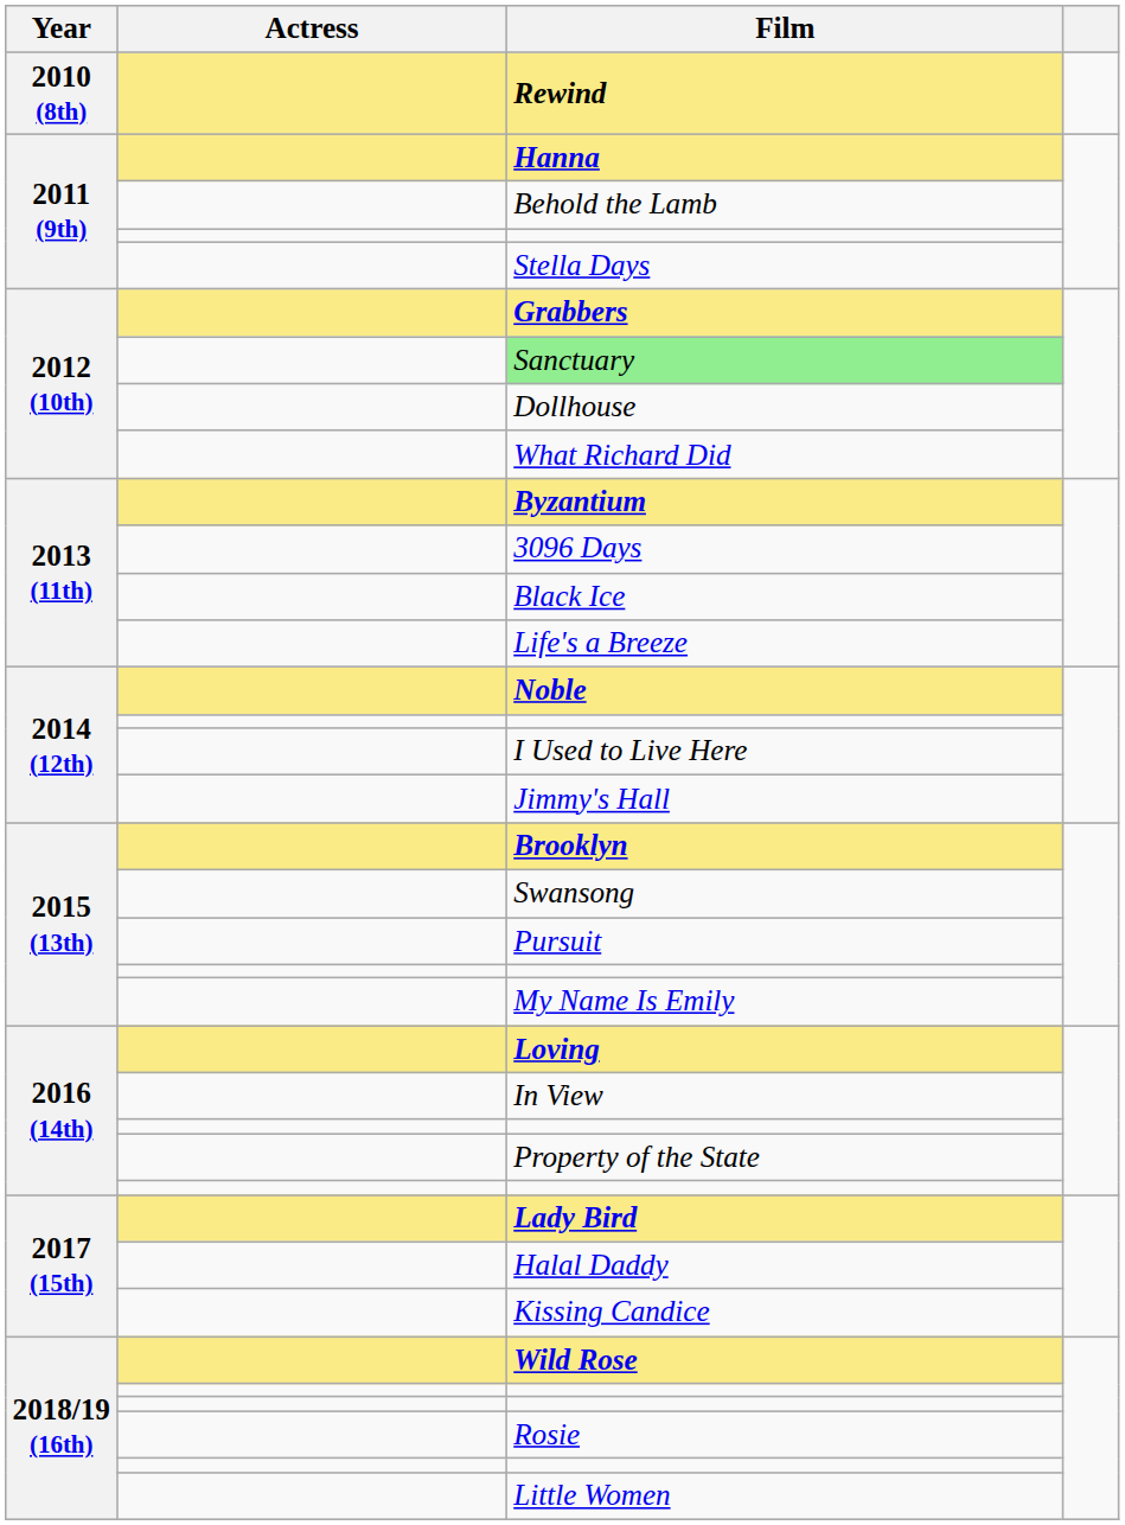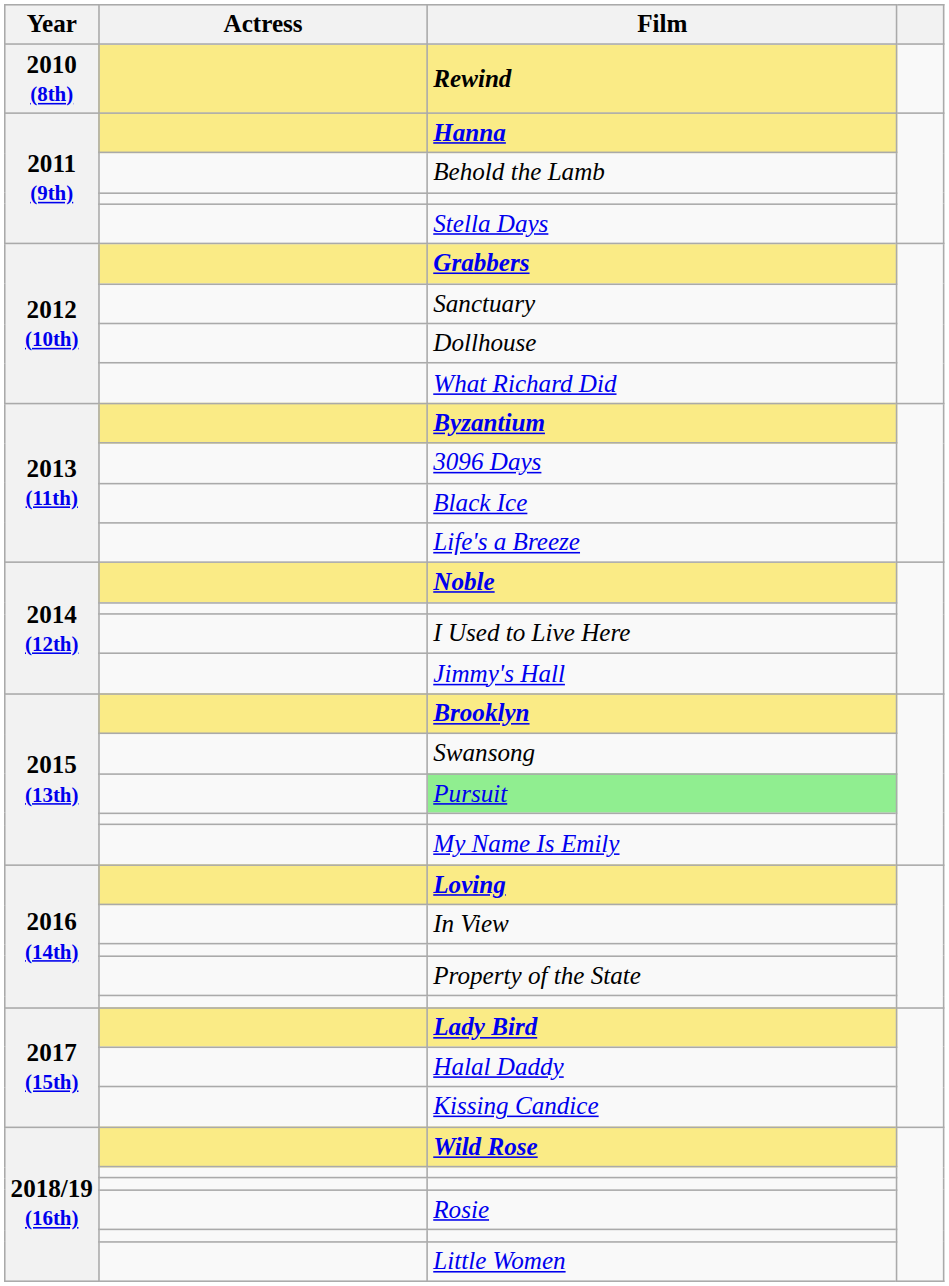 <table class="wikitable sortable">
 <tr>
 <th scope="col" style="width:10%;">Year</th>
 <th scope="col" style="width:35%;">Actress</th>
 <th scope="col" style="width:50%;">Film</th>
 <th scope="col" style="width:5%;" class="unsortable"></th>
 </tr>
 <tr>
 <th scope="row" style="text-align:center">2010<br><small><a href='#'>(8th)</a></small></th>
 <td style="background:#FAEB86;"><strong> </strong></td>
 <td style="background:#FAEB86;"><strong><em>Rewind</em></strong></td>
 <td style="text-align:center;"></td>
 </tr>
 <tr>
 <th scope="row" rowspan=4 style="text-align:center">2011<br><small><a href='#'>(9th)</a></small></th>
 <td style="background:#FAEB86;"><strong> </strong></td>
 <td style="background:#FAEB86;"><strong><em><a href='#'>Hanna</a></em></strong></td>
 <td rowspan=4 style="text-align:center;"></td>
 </tr>
 <tr>
 <td></td>
 <td><em>Behold the Lamb</em></td>
 </tr>
 <tr>
 <td></td>
 <td></td>
 </tr>
 <tr>
 <td></td>
 <td><em><a href='#'>Stella Days</a></em></td>
 </tr>
 <tr>
 <th scope="row" rowspan=4 style="text-align:center">2012<br><small><a href='#'>(10th)</a></small></th>
 <td style="background:#FAEB86;"><strong> </strong></td>
 <td style="background:#FAEB86;"><strong><em><a href='#'>Grabbers</a></em></strong></td>
 <td rowspan=4 style="text-align:center;"></td>
 </tr>
 <tr>
 <td></td>
-<td style="background: lightgreen;"><em>Sanctuary</em></td>
+<td><em>Sanctuary</em></td>
 </tr>
 <tr>
 <td></td>
 <td><em>Dollhouse</em></td>
 </tr>
 <tr>
 <td></td>
 <td><em><a href='#'>What Richard Did</a></em></td>
 </tr>
 <tr>
 <th scope="row" rowspan=4 style="text-align:center">2013<br><small><a href='#'>(11th)</a></small></th>
 <td style="background:#FAEB86;"><strong> </strong></td>
 <td style="background:#FAEB86;"><strong><em><a href='#'>Byzantium</a></em></strong></td>
 <td rowspan=4 style="text-align:center;"></td>
 </tr>
 <tr>
 <td></td>
 <td><em><a href='#'>3096 Days</a></em></td>
 </tr>
 <tr>
 <td></td>
 <td><em><a href='#'>Black Ice</a></em></td>
 </tr>
 <tr>
 <td></td>
 <td><em><a href='#'>Life's a Breeze</a></em></td>
 </tr>
 <tr>
 <th scope="row" rowspan=4 style="text-align:center">2014<br><small><a href='#'>(12th)</a></small></th>
 <td style="background:#FAEB86;"><strong> </strong></td>
 <td style="background:#FAEB86;"><strong><em><a href='#'>Noble</a></em></strong></td>
 <td rowspan=4 style="text-align:center;"></td>
 </tr>
 <tr>
 <td></td>
 <td></td>
 </tr>
 <tr>
 <td></td>
 <td><em>I Used to Live Here</em></td>
 </tr>
 <tr>
 <td></td>
 <td><em><a href='#'>Jimmy's Hall</a></em></td>
 </tr>
 <tr>
 <th scope="row" rowspan=5 style="text-align:center">2015<br><small><a href='#'>(13th)</a></small></th>
 <td style="background:#FAEB86;"><strong> </strong></td>
 <td style="background:#FAEB86;"><strong><em><a href='#'>Brooklyn</a></em></strong></td>
 <td rowspan=5 style="text-align:center;"></td>
 </tr>
 <tr>
 <td></td>
 <td><em>Swansong</em></td>
 </tr>
 <tr>
 <td></td>
-<td><em><a href='#'>Pursuit</a></em></td>
+<td style="background: lightgreen;"><em><a href='#'>Pursuit</a></em></td>
 </tr>
 <tr>
 <td></td>
 <td></td>
 </tr>
 <tr>
 <td></td>
 <td><em><a href='#'>My Name Is Emily</a></em></td>
 </tr>
 <tr>
 <th scope="row" rowspan=5 style="text-align:center">2016<br><small><a href='#'>(14th)</a></small></th>
 <td style="background:#FAEB86;"><strong> </strong></td>
 <td style="background:#FAEB86;"><strong><em><a href='#'>Loving</a></em></strong></td>
 <td rowspan=5 style="text-align:center;"></td>
 </tr>
 <tr>
 <td></td>
 <td><em>In View</em></td>
 </tr>
 <tr>
 <td></td>
 <td></td>
 </tr>
 <tr>
 <td></td>
 <td><em>Property of the State</em></td>
 </tr>
 <tr>
 <td></td>
 <td></td>
 </tr>
 <tr>
 <th scope="row" rowspan=3 style="text-align:center">2017<br><small><a href='#'>(15th)</a></small></th>
 <td style="background:#FAEB86;"><strong> </strong></td>
 <td style="background:#FAEB86;"><strong><em><a href='#'>Lady Bird</a></em></strong></td>
 <td rowspan=3 style="text-align:center;"></td>
 </tr>
 <tr>
 <td></td>
 <td><em><a href='#'>Halal Daddy</a></em></td>
 </tr>
 <tr>
 <td></td>
 <td><em><a href='#'>Kissing Candice</a></em></td>
 </tr>
 <tr>
 <th scope="row" rowspan=6 style="text-align:center">2018/19<br><small><a href='#'>(16th)</a></small></th>
 <td style="background:#FAEB86;"><strong> </strong></td>
 <td style="background:#FAEB86;"><strong><em><a href='#'>Wild Rose</a></em></strong></td>
 <td rowspan=6 style="text-align:center;"></td>
 </tr>
 <tr>
 <td></td>
 <td></td>
 </tr>
 <tr>
 <td></td>
 <td></td>
 </tr>
 <tr>
 <td></td>
 <td><em><a href='#'>Rosie</a></em></td>
 </tr>
 <tr>
 <td></td>
 <td></td>
 </tr>
 <tr>
 <td></td>
 <td><em><a href='#'>Little Women</a></em></td>
 </tr>
 </table>
